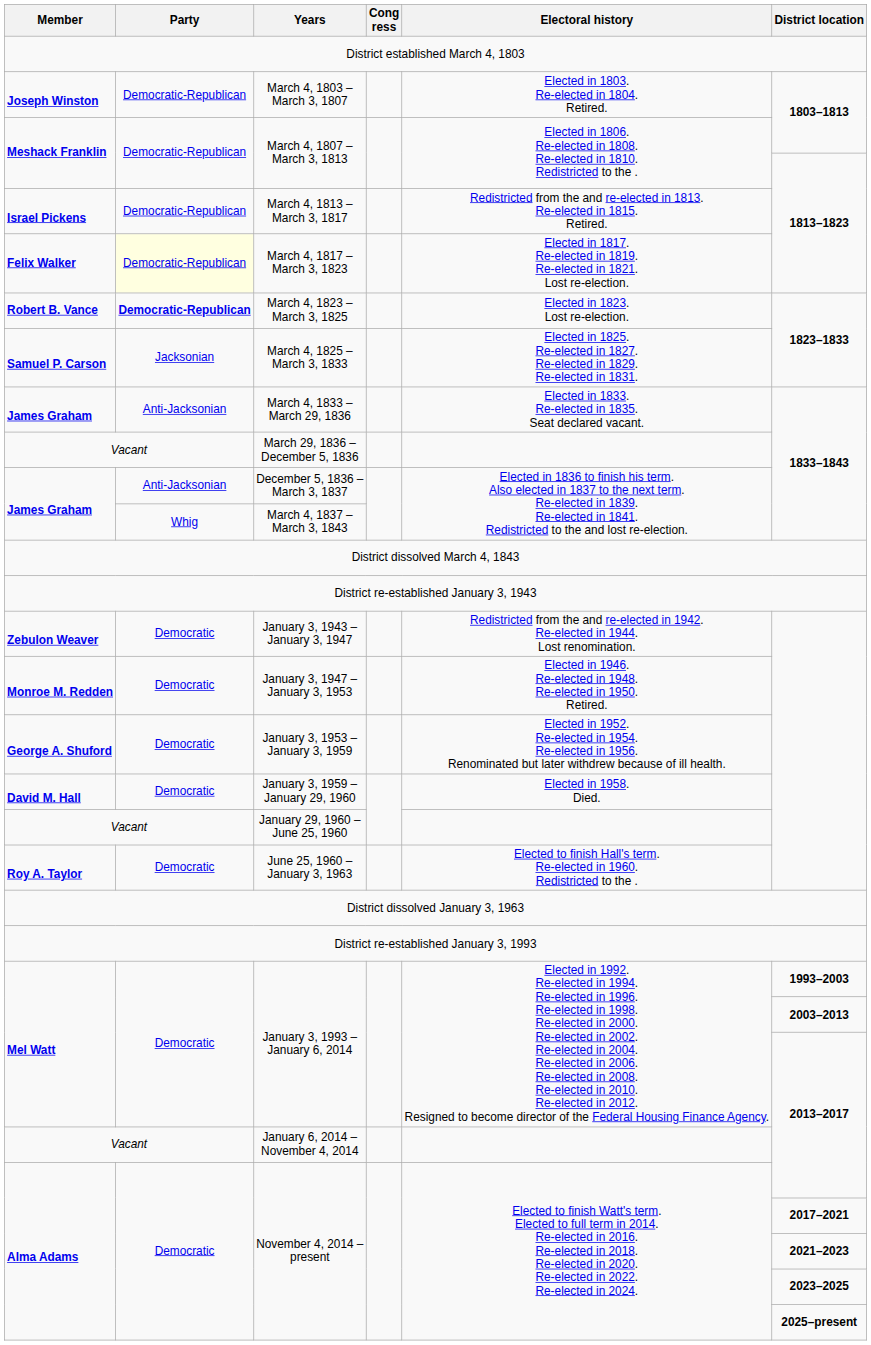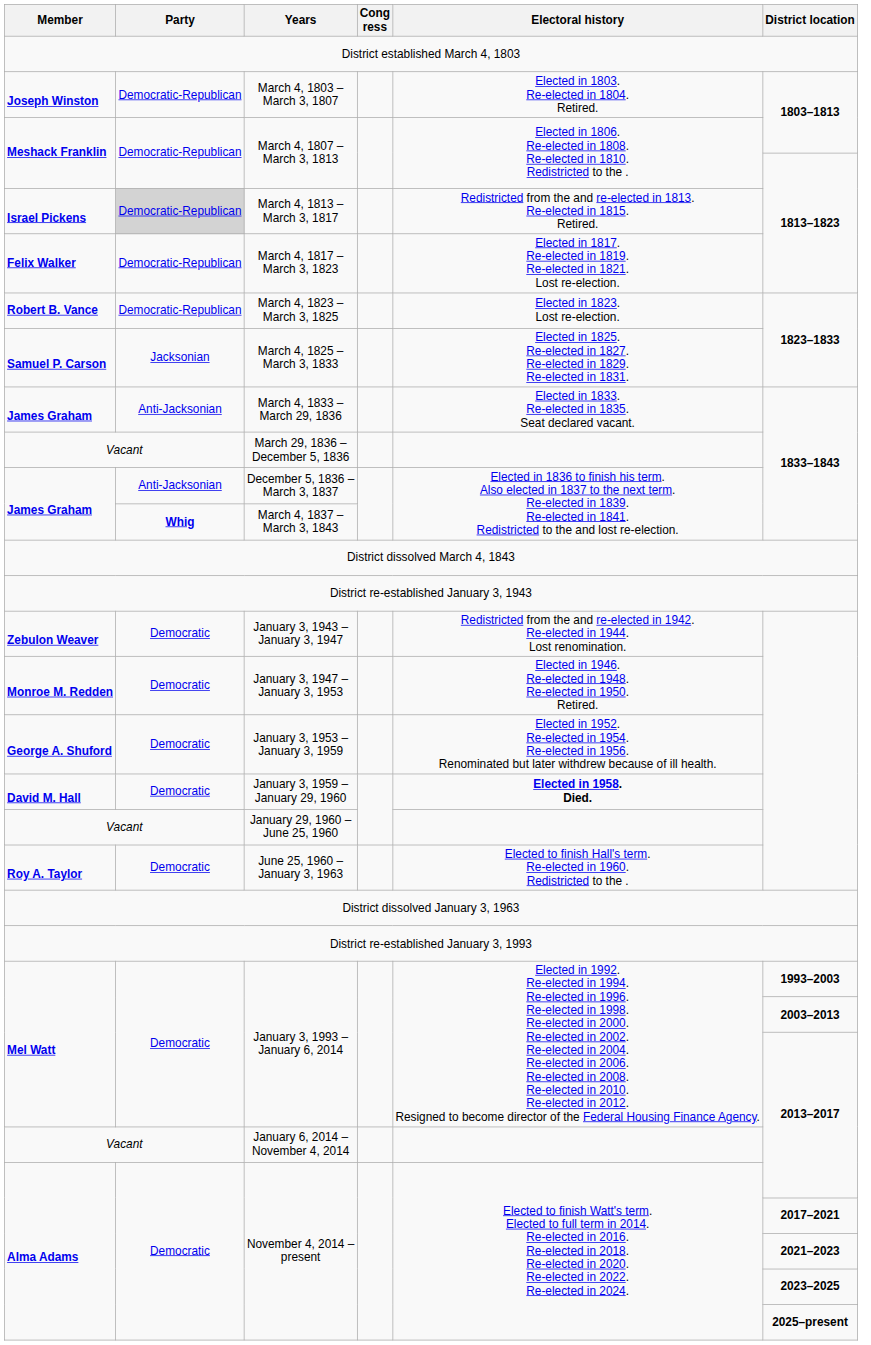 <table class="wikitable" style="text-align:center">
 <tr>
 <th>Member<br></th>
 <th>Party</th>
 <th>Years</th>
 <th>Cong<br>ress</th>
 <th>Electoral history</th>
 <th>District location</th>
 </tr>
 <tr style="height:3em">
 <td colspan=6>District established March 4, 1803</td>
 </tr>
 <tr style="height:3em">
 <td align=left><br><strong><a href='#'>Joseph Winston</a></strong><br></td>
 <td><a href='#'>Democratic-Republican</a></td>
 <td nowrap>March 4, 1803 –<br>March 3, 1807</td>
 <td></td>
 <td><a href='#'>Elected in 1803</a>.<br><a href='#'>Re-elected in 1804</a>.<br>Retired.</td>
 <td rowspan=2><strong>1803–1813</strong><br></td>
 </tr>
 <tr style="height:3em">
 <td rowspan=2 align=left><strong><a href='#'>Meshack Franklin</a></strong><br></td>
 <td rowspan=2 ><a href='#'>Democratic-Republican</a></td>
 <td rowspan=2 nowrap>March 4, 1807 –<br>March 3, 1813</td>
 <td rowspan=2></td>
 <td rowspan=2><a href='#'>Elected in 1806</a>.<br><a href='#'>Re-elected in 1808</a>.<br><a href='#'>Re-elected in 1810</a>.<br><a href='#'>Redistricted</a> to the .</td>
 </tr>
 <tr style="height:3em">
 <td rowspan=3><strong>1813–1823</strong><br></td>
 </tr>
 <tr style="height:3em">
 <td align=left><br><strong><a href='#'>Israel Pickens</a></strong><br></td>
-<td><a href='#'>Democratic-Republican</a></td>
+<td style="background: lightgrey;"><a href='#'>Democratic-Republican</a></td>
 <td nowrap>March 4, 1813 –<br>March 3, 1817</td>
 <td></td>
 <td><a href='#'>Redistricted</a> from the  and <a href='#'>re-elected in 1813</a>.<br><a href='#'>Re-elected in 1815</a>.<br>Retired.</td>
 </tr>
 <tr style="height:3em">
 <td align=left><strong><a href='#'>Felix Walker</a></strong><br></td>
-<td style="background: lightyellow;"><a href='#'>Democratic-Republican</a></td>
+<td><a href='#'>Democratic-Republican</a></td>
 <td nowrap>March 4, 1817 –<br>March 3, 1823</td>
 <td></td>
 <td><a href='#'>Elected in 1817</a>.<br><a href='#'>Re-elected in 1819</a>.<br><a href='#'>Re-elected in 1821</a>.<br>Lost re-election.</td>
 </tr>
 <tr style="height:3em">
 <td align=left><strong><a href='#'>Robert B. Vance</a></strong><br></td>
-<td><strong><a href='#'>Democratic-Republican</a></strong></td>
+<td><a href='#'>Democratic-Republican</a></td>
 <td nowrap>March 4, 1823 –<br>March 3, 1825</td>
 <td></td>
 <td><a href='#'>Elected in 1823</a>.<br>Lost re-election.</td>
 <td rowspan=2><strong>1823–1833</strong><br></td>
 </tr>
 <tr style="height:3em">
 <td align=left><br><strong><a href='#'>Samuel P. Carson</a></strong><br></td>
 <td><a href='#'>Jacksonian</a></td>
 <td nowrap>March 4, 1825 –<br>March 3, 1833</td>
 <td></td>
 <td><a href='#'>Elected in 1825</a>.<br><a href='#'>Re-elected in 1827</a>.<br><a href='#'>Re-elected in 1829</a>.<br><a href='#'>Re-elected in 1831</a>.<br></td>
 </tr>
 <tr style="height:3em">
 <td align=left><br><strong><a href='#'>James Graham</a></strong><br></td>
 <td><a href='#'>Anti-Jacksonian</a></td>
 <td nowrap>March 4, 1833 –<br>March 29, 1836</td>
 <td></td>
 <td><a href='#'>Elected in 1833</a>.<br><a href='#'>Re-elected in 1835</a>.<br>Seat declared vacant.</td>
 <td rowspan=4><strong>1833–1843</strong><br></td>
 </tr>
 <tr style="height:3em">
 <td colspan=2><em>Vacant</em></td>
 <td nowrap>March 29, 1836 –<br>December 5, 1836</td>
 <td></td>
 <td></td>
 </tr>
 <tr style="height:3em">
 <td rowspan=2 align=left><br><strong><a href='#'>James Graham</a></strong><br></td>
 <td><a href='#'>Anti-Jacksonian</a></td>
 <td nowrap>December 5, 1836 –<br>March 3, 1837</td>
 <td rowspan=2></td>
 <td rowspan=2><a href='#'>Elected in 1836 to finish his term</a>.<br><a href='#'>Also elected in 1837 to the next term</a>.<br><a href='#'>Re-elected in 1839</a>.<br><a href='#'>Re-elected in 1841</a>.<br><a href='#'>Redistricted</a> to the  and lost re-election.</td>
 </tr>
 <tr style="height:3em">
-<td><a href='#'>Whig</a></td>
+<td><strong><a href='#'>Whig</a></strong></td>
 <td nowrap>March 4, 1837 –<br>March 3, 1843</td>
 </tr>
 <tr style="height:3em">
 <td colspan=6>District dissolved March 4, 1843</td>
 </tr>
 <tr style="height:3em">
 <td colspan=6>District re-established January 3, 1943</td>
 </tr>
 <tr style="height:3em">
 <td align=left><br><strong><a href='#'>Zebulon Weaver</a></strong><br></td>
 <td><a href='#'>Democratic</a></td>
 <td nowrap>January 3, 1943 –<br>January 3, 1947</td>
 <td></td>
 <td><a href='#'>Redistricted</a> from the  and <a href='#'>re-elected in 1942</a>.<br><a href='#'>Re-elected in 1944</a>.<br>Lost renomination.</td>
 <td rowspan=6></td>
 </tr>
 <tr style="height:3em">
 <td align=left><br><strong><a href='#'>Monroe M. Redden</a></strong><br></td>
 <td><a href='#'>Democratic</a></td>
 <td nowrap>January 3, 1947 –<br>January 3, 1953</td>
 <td></td>
 <td><a href='#'>Elected in 1946</a>.<br><a href='#'>Re-elected in 1948</a>.<br><a href='#'>Re-elected in 1950</a>.<br>Retired.</td>
 </tr>
 <tr style="height:3em">
 <td align=left><br><strong><a href='#'>George A. Shuford</a></strong><br></td>
 <td><a href='#'>Democratic</a></td>
 <td nowrap>January 3, 1953 –<br>January 3, 1959</td>
 <td></td>
 <td><a href='#'>Elected in 1952</a>.<br><a href='#'>Re-elected in 1954</a>.<br><a href='#'>Re-elected in 1956</a>.<br>Renominated but later withdrew because of ill health.</td>
 </tr>
 <tr style="height:3em">
 <td align=left><br><strong><a href='#'>David M. Hall</a></strong><br></td>
 <td><a href='#'>Democratic</a></td>
 <td nowrap>January 3, 1959 –<br>January 29, 1960</td>
 <td rowspan=2></td>
-<td><a href='#'>Elected in 1958</a>.<br>Died.</td>
+<td><strong><a href='#'>Elected in 1958</a>.<br>Died.</strong></td>
 </tr>
 <tr style="height:3em">
 <td colspan=2><em>Vacant</em></td>
 <td nowrap>January 29, 1960 –<br>June 25, 1960</td>
 <td></td>
 </tr>
 <tr style="height:3em">
 <td align=left><br><strong><a href='#'>Roy A. Taylor</a></strong><br></td>
 <td><a href='#'>Democratic</a></td>
 <td nowrap>June 25, 1960 –<br>January 3, 1963</td>
 <td></td>
 <td><a href='#'>Elected to finish Hall's term</a>.<br><a href='#'>Re-elected in 1960</a>.<br><a href='#'>Redistricted</a> to the .</td>
 </tr>
 <tr style="height:3em">
 <td colspan=6>District dissolved January 3, 1963</td>
 </tr>
 <tr style="height:3em">
 <td colspan=6>District re-established January 3, 1993</td>
 </tr>
 <tr style="height:3em">
 <td rowspan=3 align=left><br><strong><a href='#'>Mel Watt</a></strong><br></td>
 <td rowspan=3 ><a href='#'>Democratic</a></td>
 <td rowspan=3 nowrap>January 3, 1993 –<br>January 6, 2014</td>
 <td rowspan=3></td>
 <td rowspan=3><a href='#'>Elected in 1992</a>.<br><a href='#'>Re-elected in 1994</a>.<br><a href='#'>Re-elected in 1996</a>.<br><a href='#'>Re-elected in 1998</a>.<br><a href='#'>Re-elected in 2000</a>.<br><a href='#'>Re-elected in 2002</a>.<br><a href='#'>Re-elected in 2004</a>.<br><a href='#'>Re-elected in 2006</a>.<br><a href='#'>Re-elected in 2008</a>.<br><a href='#'>Re-elected in 2010</a>.<br><a href='#'>Re-elected in 2012</a>.<br>Resigned to become director of the <a href='#'>Federal Housing Finance Agency</a>.</td>
 <td><strong>1993–2003</strong><br></td>
 </tr>
 <tr style="height:3em">
 <td><strong>2003–2013</strong></td>
 </tr>
 <tr style="height:3em">
 <td rowspan=3><strong>2013–2017</strong></td>
 </tr>
 <tr style="height:3em">
 <td colspan=2><em>Vacant</em></td>
 <td nowrap>January 6, 2014 –<br>November 4, 2014</td>
 <td></td>
 <td></td>
 </tr>
 <tr style="height:3em">
 <td rowspan=5 align=left><br><strong><a href='#'>Alma Adams</a></strong><br></td>
 <td rowspan=5 ><a href='#'>Democratic</a></td>
 <td rowspan=5 nowrap>November 4, 2014 –<br>present</td>
 <td rowspan=5></td>
 <td rowspan=5><a href='#'>Elected to finish Watt's term</a>.<br><a href='#'>Elected to full term in 2014</a>.<br><a href='#'>Re-elected in 2016</a>.<br><a href='#'>Re-elected in 2018</a>.<br><a href='#'>Re-elected in 2020</a>.<br><a href='#'>Re-elected in 2022</a>.<br><a href='#'>Re-elected in 2024</a>.</td>
 </tr>
 <tr style="height:3em">
 <td><strong>2017–2021</strong></td>
 </tr>
 <tr style="height:3em">
 <td><strong>2021–2023</strong></td>
 </tr>
 <tr style="height:3em">
 <td><strong>2023–2025</strong><br></td>
 </tr>
 <tr style="height:3em">
 <td><strong>2025–present</strong><br></td>
 </tr>
 </table>
